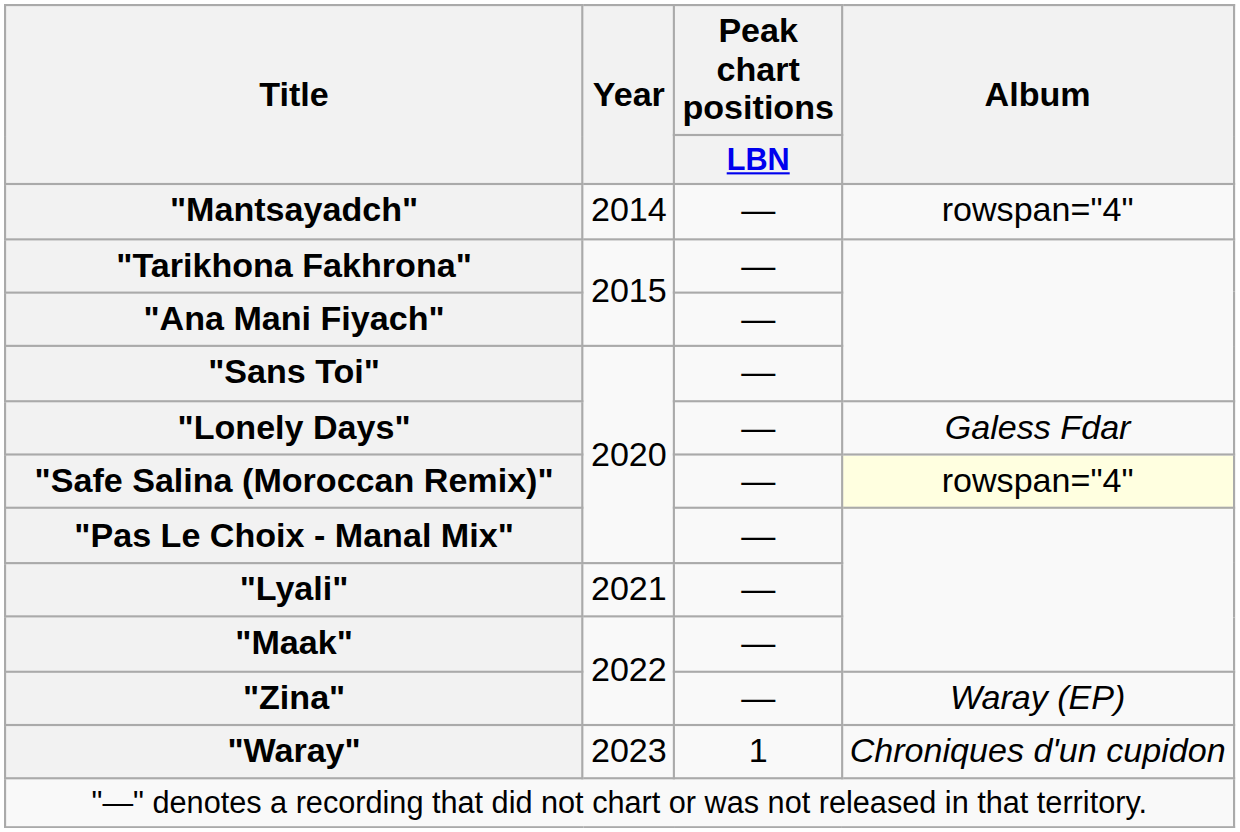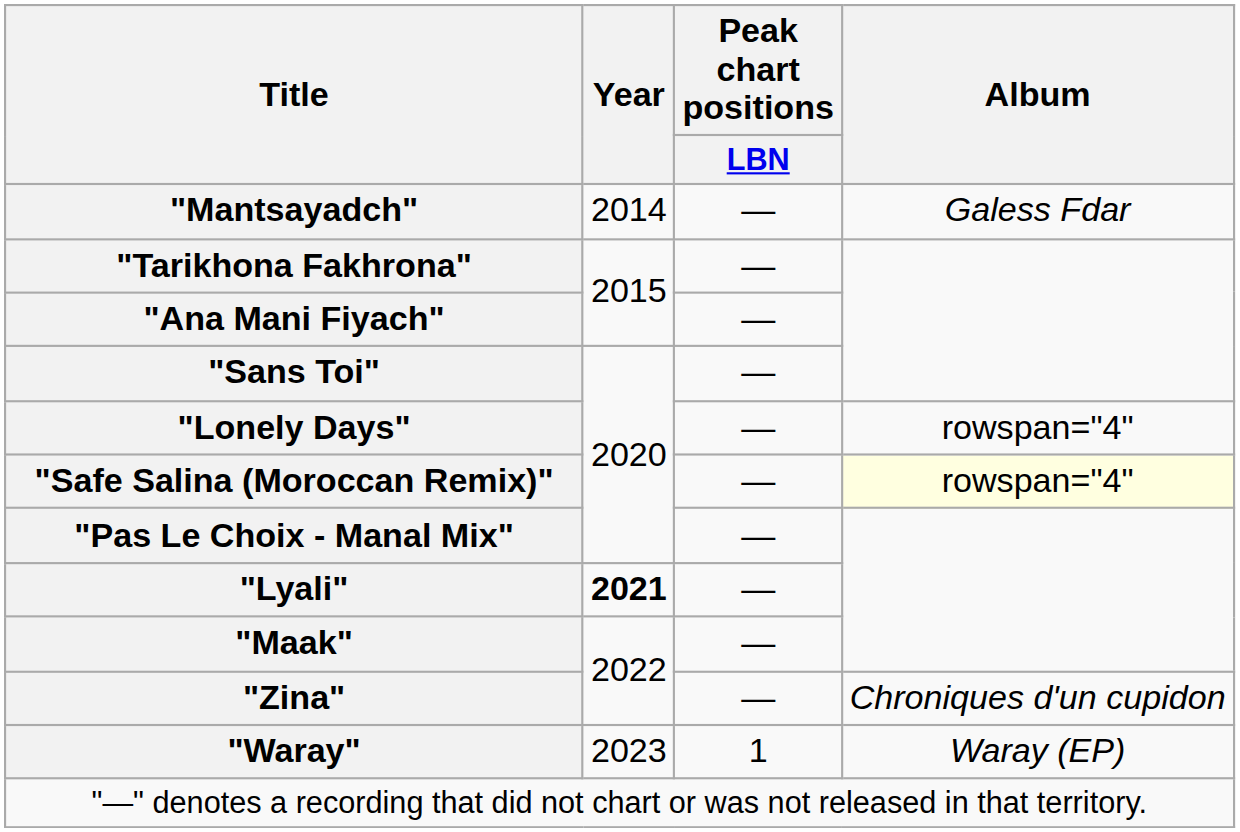 <table class="wikitable plainrowheaders" style="text-align:center;">
 <tr>
 <th scope="col" rowspan="2" style="width:16.5em;">Title</th>
 <th scope="col" rowspan="2">Year</th>
 <th scope="col">Peak chart positions</th>
 <th scope="col" rowspan="2">Album</th>
 </tr>
 <tr>
 <th scope="col" style="width:3em;font-size:90%;"><a href='#'>LBN</a><br></th>
 </tr>
 <tr>
 <th scope="row">"Mantsayadch"<br></th>
 <td>2014</td>
 <td>—</td>
-<td>rowspan="4" </td>
+<td><em>Galess Fdar</em></td>
 </tr>
 <tr>
 <th scope="row">"Tarikhona Fakhrona"<br></th>
 <td rowspan="2">2015</td>
 <td>—</td>
 </tr>
 <tr>
 <th scope="row">"Ana Mani Fiyach"<br></th>
 <td>—</td>
 </tr>
 <tr>
 <th scope="row">"Sans Toi"<br></th>
 <td rowspan="4">2020</td>
 <td>—</td>
 </tr>
 <tr>
 <th scope="row">"Lonely Days"<br></th>
 <td>—</td>
-<td><em>Galess Fdar</em></td>
+<td>rowspan="4" </td>
 </tr>
 <tr>
 <th scope="row">"Safe Salina (Moroccan Remix)"<br></th>
 <td>—</td>
 <td style="background: lightyellow;">rowspan="4" </td>
 </tr>
 <tr>
 <th scope="row">"Pas Le Choix - Manal Mix"<br></th>
 <td>—</td>
 </tr>
 <tr>
 <th scope="row">"Lyali"<br></th>
-<td>2021</td>
+<td><strong>2021</strong></td>
 <td>—</td>
 </tr>
 <tr>
 <th scope="row">"Maak"<br></th>
 <td rowspan="2">2022</td>
 <td>—</td>
 </tr>
 <tr>
 <th scope="row">"Zina"<br></th>
 <td>—</td>
-<td><em>Waray (EP)</em></td>
+<td><em>Chroniques d'un cupidon</em></td>
 </tr>
 <tr>
 <th scope="row">"Waray"<br></th>
 <td>2023</td>
 <td>1</td>
-<td><em>Chroniques d'un cupidon</em></td>
+<td><em>Waray (EP)</em></td>
 </tr>
 <tr>
 <td colspan="4" style="font-size:90%">"—" denotes a recording that did not chart or was not released in that territory.</td>
 </tr>
 </table>
